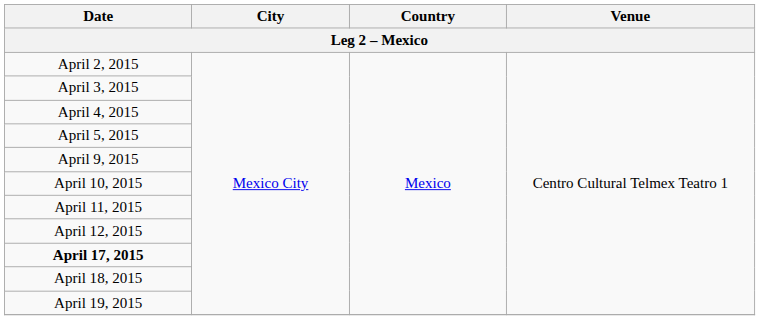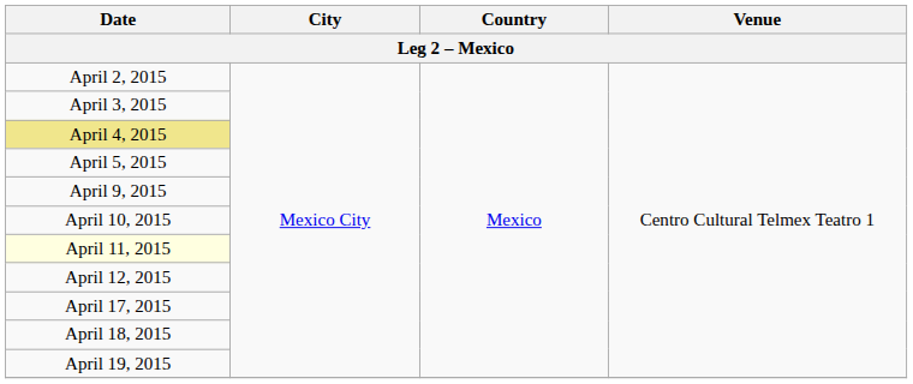 <table class="wikitable" style="text-align:center">
 <tr>
 <th scope="col" style="width:12em;">Date</th>
 <th scope="col" style="width:10em;">City</th>
 <th scope="col" style="width:10em;">Country</th>
 <th scope="col" style="width:16em;">Venue</th>
 </tr>
 <tr>
 <th colspan="4">Leg 2 – Mexico</th>
 </tr>
 <tr>
 <td>April 2, 2015</td>
 <td rowspan="11"><a href='#'>Mexico City</a></td>
 <td rowspan="11"><a href='#'>Mexico</a></td>
 <td rowspan="11">Centro Cultural Telmex Teatro 1</td>
 </tr>
 <tr>
 <td>April 3, 2015</td>
 </tr>
 <tr>
-<td>April 4, 2015</td>
+<td style="background: khaki;">April 4, 2015</td>
 </tr>
 <tr>
 <td>April 5, 2015</td>
 </tr>
 <tr>
 <td>April 9, 2015</td>
 </tr>
 <tr>
 <td>April 10, 2015</td>
 </tr>
 <tr>
-<td>April 11, 2015</td>
+<td style="background: lightyellow;">April 11, 2015</td>
 </tr>
 <tr>
 <td>April 12, 2015</td>
 </tr>
 <tr>
-<td><strong>April 17, 2015</strong></td>
+<td>April 17, 2015</td>
 </tr>
 <tr>
 <td>April 18, 2015</td>
 </tr>
 <tr>
 <td>April 19, 2015</td>
 </tr>
 <tr>
 </tr>
 </table>
